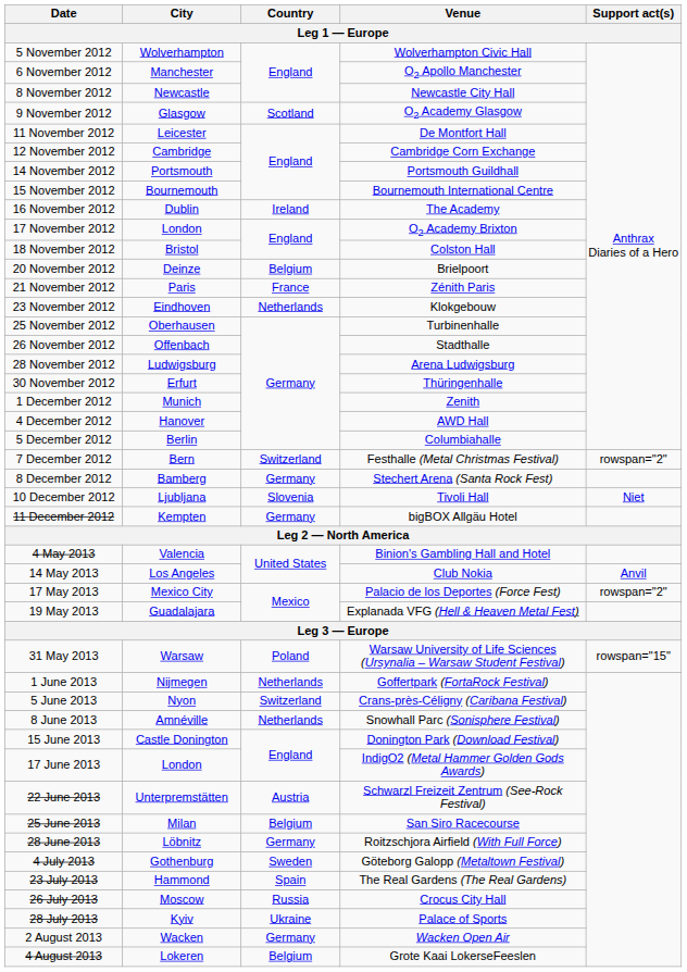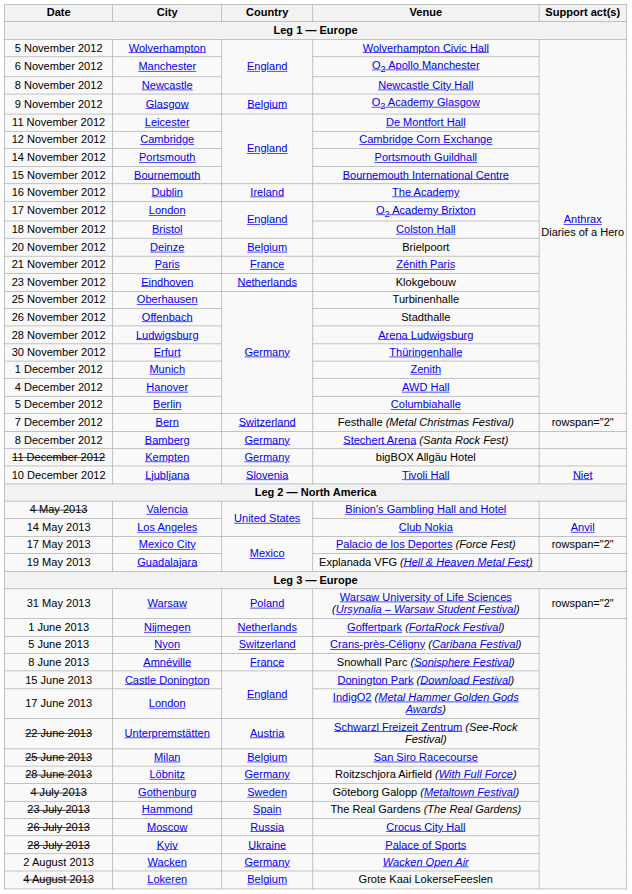 <table class="wikitable" style="text-align:center;">
 <tr>
 <th width="150">Date</th>
 <th width="150">City</th>
 <th width="125">Country</th>
 <th width="320">Venue</th>
 <th>Support act(s)</th>
 </tr>
 <tr>
 <th colspan="5">Leg 1 — Europe</th>
 </tr>
 <tr>
 <td>5 November 2012</td>
 <td><a href='#'>Wolverhampton</a></td>
 <td rowspan="3"><a href='#'>England</a></td>
 <td><a href='#'>Wolverhampton Civic Hall</a></td>
 <td rowspan="21"><a href='#'>Anthrax</a><br>Diaries of a Hero</td>
 </tr>
 <tr>
 <td>6 November 2012</td>
 <td><a href='#'>Manchester</a></td>
 <td><a href='#'>O<sub>2</sub> Apollo Manchester</a></td>
 </tr>
 <tr>
 <td>8 November 2012</td>
 <td><a href='#'>Newcastle</a></td>
 <td><a href='#'>Newcastle City Hall</a></td>
 </tr>
 <tr>
 <td>9 November 2012</td>
 <td><a href='#'>Glasgow</a></td>
-<td><a href='#'>Scotland</a></td>
+<td><a href='#'>Belgium</a></td>
 <td><a href='#'>O<sub>2</sub> Academy Glasgow</a></td>
 </tr>
 <tr>
 <td>11 November 2012</td>
 <td><a href='#'>Leicester</a></td>
 <td rowspan="4"><a href='#'>England</a></td>
 <td><a href='#'>De Montfort Hall</a></td>
 </tr>
 <tr>
 <td>12 November 2012</td>
 <td><a href='#'>Cambridge</a></td>
 <td><a href='#'>Cambridge Corn Exchange</a></td>
 </tr>
 <tr>
 <td>14 November 2012</td>
 <td><a href='#'>Portsmouth</a></td>
 <td><a href='#'>Portsmouth Guildhall</a></td>
 </tr>
 <tr>
 <td>15 November 2012</td>
 <td><a href='#'>Bournemouth</a></td>
 <td><a href='#'>Bournemouth International Centre</a></td>
 </tr>
 <tr>
 <td>16 November 2012</td>
 <td><a href='#'>Dublin</a></td>
 <td><a href='#'>Ireland</a></td>
 <td><a href='#'>The Academy</a></td>
 </tr>
 <tr>
 <td>17 November 2012</td>
 <td><a href='#'>London</a></td>
 <td rowspan="2"><a href='#'>England</a></td>
 <td><a href='#'>O<sub>2</sub> Academy Brixton</a></td>
 </tr>
 <tr>
 <td>18 November 2012</td>
 <td><a href='#'>Bristol</a></td>
 <td><a href='#'>Colston Hall</a></td>
 </tr>
 <tr>
 <td>20 November 2012</td>
 <td><a href='#'>Deinze</a></td>
 <td><a href='#'>Belgium</a></td>
 <td>Brielpoort</td>
 </tr>
 <tr>
 <td>21 November 2012</td>
 <td><a href='#'>Paris</a></td>
 <td><a href='#'>France</a></td>
 <td><a href='#'>Zénith Paris</a></td>
 </tr>
 <tr>
 <td>23 November 2012</td>
 <td><a href='#'>Eindhoven</a></td>
 <td><a href='#'>Netherlands</a></td>
 <td>Klokgebouw</td>
 </tr>
 <tr>
 <td>25 November 2012</td>
 <td><a href='#'>Oberhausen</a></td>
 <td rowspan="7"><a href='#'>Germany</a></td>
 <td>Turbinenhalle</td>
 </tr>
 <tr>
 <td>26 November 2012</td>
 <td><a href='#'>Offenbach</a></td>
 <td>Stadthalle</td>
 </tr>
 <tr>
 <td>28 November 2012</td>
 <td><a href='#'>Ludwigsburg</a></td>
 <td><a href='#'>Arena Ludwigsburg</a></td>
 </tr>
 <tr>
 <td>30 November 2012</td>
 <td><a href='#'>Erfurt</a></td>
 <td><a href='#'>Thüringenhalle</a></td>
 </tr>
 <tr>
 <td>1 December 2012</td>
 <td><a href='#'>Munich</a></td>
 <td><a href='#'>Zenith</a></td>
 </tr>
 <tr>
 <td>4 December 2012</td>
 <td><a href='#'>Hanover</a></td>
 <td><a href='#'>AWD Hall</a></td>
 </tr>
 <tr>
 <td>5 December 2012</td>
 <td><a href='#'>Berlin</a></td>
 <td><a href='#'>Columbiahalle</a></td>
 </tr>
 <tr>
 <td>7 December 2012</td>
 <td><a href='#'>Bern</a></td>
 <td><a href='#'>Switzerland</a></td>
 <td>Festhalle <em>(Metal Christmas Festival)</em></td>
 <td>rowspan="2" </td>
 </tr>
 <tr>
 <td>8 December 2012</td>
 <td><a href='#'>Bamberg</a></td>
 <td><a href='#'>Germany</a></td>
 <td><a href='#'>Stechert Arena</a> <em>(Santa Rock Fest)</em></td>
 </tr>
 <tr>
+<td><s>11 December 2012</s></td>
+<td><a href='#'>Kempten</a></td>
+<td><a href='#'>Germany</a></td>
+<td>bigBOX Allgäu Hotel</td>
+<td></td>
+</tr>
+<tr>
 <td>10 December 2012</td>
 <td><a href='#'>Ljubljana</a></td>
 <td><a href='#'>Slovenia</a></td>
 <td><a href='#'>Tivoli Hall</a></td>
 <td><a href='#'>Niet</a></td>
-</tr>
-<tr>
-<td><s>11 December 2012</s></td>
-<td><a href='#'>Kempten</a></td>
-<td><a href='#'>Germany</a></td>
-<td>bigBOX Allgäu Hotel</td>
-<td></td>
 </tr>
 <tr>
 <th colspan="5">Leg 2 — North America</th>
 </tr>
 <tr>
 <td><s>4 May 2013</s></td>
 <td><a href='#'>Valencia</a></td>
 <td rowspan="2"><a href='#'>United States</a></td>
 <td><a href='#'>Binion's Gambling Hall and Hotel</a></td>
 <td></td>
 </tr>
 <tr>
 <td>14 May 2013</td>
 <td><a href='#'>Los Angeles</a></td>
 <td><a href='#'>Club Nokia</a></td>
 <td><a href='#'>Anvil</a></td>
 </tr>
 <tr>
 <td>17 May 2013</td>
 <td><a href='#'>Mexico City</a></td>
 <td rowspan="2"><a href='#'>Mexico</a></td>
 <td><a href='#'>Palacio de los Deportes</a> <em>(Force Fest)</em></td>
 <td>rowspan="2" </td>
 </tr>
 <tr>
 <td>19 May 2013</td>
 <td><a href='#'>Guadalajara</a></td>
 <td>Explanada VFG <em><u>(</u><a href='#'>Hell & Heaven Metal Fest</a><u>)</u></em></td>
 </tr>
 <tr>
 <th colspan="5">Leg 3 — Europe</th>
 </tr>
 <tr>
 <td>31 May 2013</td>
 <td><a href='#'>Warsaw</a></td>
 <td><a href='#'>Poland</a></td>
 <td><a href='#'>Warsaw University of Life Sciences</a><br><em>(<a href='#'>Ursynalia – Warsaw Student Festival</a>)</em></td>
-<td>rowspan="15" </td>
+<td>rowspan="2" </td>
 </tr>
 <tr>
 <td>1 June 2013</td>
 <td><a href='#'>Nijmegen</a></td>
 <td><a href='#'>Netherlands</a></td>
 <td><a href='#'>Goffertpark</a> <em>(<a href='#'>FortaRock Festival</a>)</em></td>
 </tr>
 <tr>
 <td>5 June 2013</td>
 <td><a href='#'>Nyon</a></td>
 <td><a href='#'>Switzerland</a></td>
 <td><a href='#'>Crans-près-Céligny</a> <em>(<a href='#'>Caribana Festival</a>)</em></td>
 </tr>
 <tr>
 <td>8 June 2013</td>
 <td><a href='#'>Amnéville</a></td>
-<td><a href='#'>Netherlands</a></td>
+<td><a href='#'>France</a></td>
 <td>Snowhall Parc <em>(<a href='#'>Sonisphere Festival</a>)</em></td>
 </tr>
 <tr>
 <td>15 June 2013</td>
 <td><a href='#'>Castle Donington</a></td>
 <td rowspan="2"><a href='#'>England</a></td>
 <td><a href='#'>Donington Park</a> <em>(<a href='#'>Download Festival</a>)</em></td>
 </tr>
 <tr>
 <td>17 June 2013</td>
 <td><a href='#'>London</a></td>
 <td><a href='#'>IndigO2</a> <em>(<a href='#'>Metal Hammer Golden Gods Awards</a>)</em></td>
 </tr>
 <tr>
 <td><s>22 June 2013</s></td>
 <td><a href='#'>Unterpremstätten</a></td>
 <td><a href='#'>Austria</a></td>
 <td><a href='#'>Schwarzl Freizeit Zentrum</a> <em>(See-Rock Festival)</em></td>
 </tr>
 <tr>
 <td><s>25 June 2013</s></td>
 <td><a href='#'>Milan</a></td>
 <td><a href='#'>Belgium</a></td>
 <td><a href='#'>San Siro Racecourse</a></td>
 </tr>
 <tr>
 <td><s>28 June 2013</s></td>
 <td><a href='#'>Löbnitz</a></td>
 <td><a href='#'>Germany</a></td>
 <td>Roitzschjora Airfield <em>(<a href='#'>With Full Force</a>)</em></td>
 </tr>
 <tr>
 <td><s>4 July 2013</s></td>
 <td><a href='#'>Gothenburg</a></td>
 <td><a href='#'>Sweden</a></td>
 <td>Göteborg Galopp <em>(<a href='#'>Metaltown Festival</a>)</em></td>
 </tr>
 <tr>
 <td><s>23 July 2013</s></td>
 <td><a href='#'>Hammond</a></td>
 <td><a href='#'>Spain</a></td>
 <td>The Real Gardens <em>(The Real Gardens)</em></td>
 </tr>
 <tr>
 <td><s>26 July 2013</s></td>
 <td><a href='#'>Moscow</a></td>
 <td><a href='#'>Russia</a></td>
 <td><a href='#'>Crocus City Hall</a></td>
 </tr>
 <tr>
 <td><s>28 July 2013</s></td>
 <td><a href='#'>Kyiv</a></td>
 <td><a href='#'>Ukraine</a></td>
 <td><a href='#'>Palace of Sports</a></td>
 </tr>
 <tr>
 <td>2 August 2013</td>
 <td><a href='#'>Wacken</a></td>
 <td><a href='#'>Germany</a></td>
 <td><em><a href='#'>Wacken Open Air</a></em></td>
 </tr>
 <tr>
 <td><s>4 August 2013</s></td>
 <td><a href='#'>Lokeren</a></td>
 <td><a href='#'>Belgium</a></td>
 <td>Grote Kaai LokerseFeeslen</td>
 </tr>
 </table>
